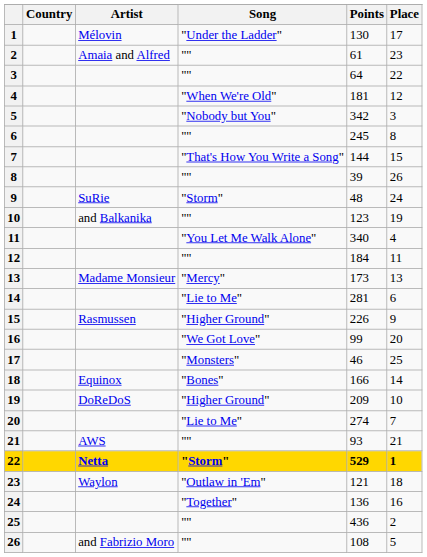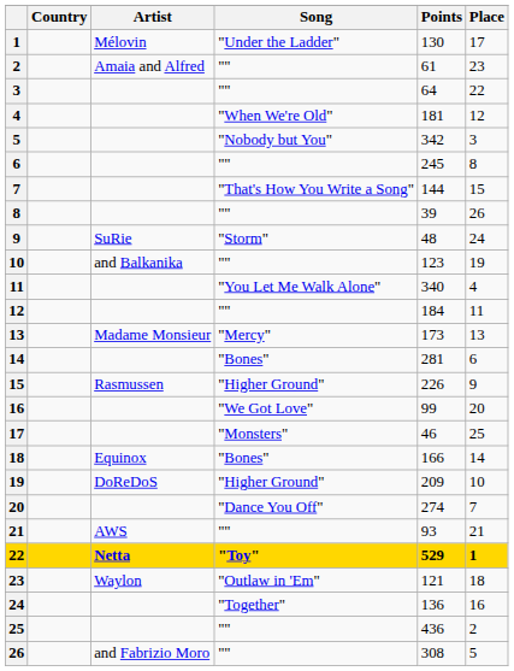 <table class="sortable wikitable plainrowheaders">
 <tr>
 </tr>
 <tr>
 <th scope="col"></th>
 <th scope="col">Country</th>
 <th scope="col">Artist</th>
 <th scope="col">Song</th>
 <th scope="col">Points</th>
 <th scope="col">Place</th>
 </tr>
 <tr>
 <th scope="row" style="text-align:center;">1</th>
 <td></td>
 <td><a href='#'>Mélovin</a></td>
 <td>"<a href='#'>Under the Ladder</a>"</td>
 <td>130</td>
 <td>17</td>
 </tr>
 <tr>
 <th scope="row" style="text-align:center;">2</th>
 <td></td>
 <td><a href='#'>Amaia</a> and <a href='#'>Alfred</a></td>
 <td>""</td>
 <td>61</td>
 <td>23</td>
 </tr>
 <tr>
 <th scope="row" style="text-align:center;">3</th>
 <td></td>
 <td></td>
 <td>""</td>
 <td>64</td>
 <td>22</td>
 </tr>
 <tr>
 <th scope="row" style="text-align:center;">4</th>
 <td></td>
 <td></td>
 <td>"<a href='#'>When We're Old</a>"</td>
 <td>181</td>
 <td>12</td>
 </tr>
 <tr>
 <th scope="row" style="text-align:center;">5</th>
 <td></td>
 <td></td>
 <td>"<a href='#'>Nobody but You</a>"</td>
 <td>342</td>
 <td>3</td>
 </tr>
 <tr>
 <th scope="row" style="text-align:center;">6</th>
 <td></td>
 <td></td>
 <td>""</td>
 <td>245</td>
 <td>8</td>
 </tr>
 <tr>
 <th scope="row" style="text-align:center;">7</th>
 <td></td>
 <td></td>
 <td>"<a href='#'>That's How You Write a Song</a>"</td>
 <td>144</td>
 <td>15</td>
 </tr>
 <tr>
 <th scope="row" style="text-align:center;">8</th>
 <td></td>
 <td></td>
 <td>""</td>
 <td>39</td>
 <td>26</td>
 </tr>
 <tr>
 <th scope="row" style="text-align:center;">9</th>
 <td></td>
 <td><a href='#'>SuRie</a></td>
 <td>"<a href='#'>Storm</a>"</td>
 <td>48</td>
 <td>24</td>
 </tr>
 <tr>
 <th scope="row" style="text-align:center;">10</th>
 <td></td>
 <td> and <a href='#'>Balkanika</a></td>
 <td>""</td>
 <td>123</td>
 <td>19</td>
 </tr>
 <tr>
 <th scope="row" style="text-align:center;">11</th>
 <td></td>
 <td></td>
 <td>"<a href='#'>You Let Me Walk Alone</a>"</td>
 <td>340</td>
 <td>4</td>
 </tr>
 <tr>
 <th scope="row" style="text-align:center;">12</th>
 <td></td>
 <td></td>
 <td>""</td>
 <td>184</td>
 <td>11</td>
 </tr>
 <tr>
 <th scope="row" style="text-align:center;">13</th>
 <td></td>
 <td><a href='#'>Madame Monsieur</a></td>
 <td>"<a href='#'>Mercy</a>"</td>
 <td>173</td>
 <td>13</td>
 </tr>
 <tr>
 <th scope="row" style="text-align:center;">14</th>
 <td></td>
 <td></td>
-<td>"<a href='#'>Lie to Me</a>"</td>
+<td>"<a href='#'>Bones</a>"</td>
 <td>281</td>
 <td>6</td>
 </tr>
 <tr>
 <th scope="row" style="text-align:center;">15</th>
 <td></td>
 <td><a href='#'>Rasmussen</a></td>
 <td>"<a href='#'>Higher Ground</a>"</td>
 <td>226</td>
 <td>9</td>
 </tr>
 <tr>
 <th scope="row" style="text-align:center;">16</th>
 <td></td>
 <td></td>
 <td>"<a href='#'>We Got Love</a>"</td>
 <td>99</td>
 <td>20</td>
 </tr>
 <tr>
 <th scope="row" style="text-align:center;">17</th>
 <td></td>
 <td></td>
 <td>"<a href='#'>Monsters</a>"</td>
 <td>46</td>
 <td>25</td>
 </tr>
 <tr>
 <th scope="row" style="text-align:center;">18</th>
 <td></td>
 <td><a href='#'>Equinox</a></td>
 <td>"<a href='#'>Bones</a>"</td>
 <td>166</td>
 <td>14</td>
 </tr>
 <tr>
 <th scope="row" style="text-align:center;">19</th>
 <td></td>
 <td><a href='#'>DoReDoS</a></td>
 <td>"<a href='#'>Higher Ground</a>"</td>
 <td>209</td>
 <td>10</td>
 </tr>
 <tr>
 <th scope="row" style="text-align:center;">20</th>
 <td></td>
 <td></td>
-<td>"<a href='#'>Lie to Me</a>"</td>
+<td>"<a href='#'>Dance You Off</a>"</td>
 <td>274</td>
 <td>7</td>
 </tr>
 <tr>
 <th scope="row" style="text-align:center;">21</th>
 <td></td>
 <td><a href='#'>AWS</a></td>
 <td>""</td>
 <td>93</td>
 <td>21</td>
 </tr>
 <tr style="font-weight:bold; background:gold;">
 <th scope="row" style="text-align:center; font-weight:bold; background:gold;">22</th>
 <td></td>
 <td><a href='#'>Netta</a></td>
-<td>"<a href='#'>Storm</a>"</td>
+<td>"<a href='#'>Toy</a>"</td>
 <td>529</td>
 <td>1</td>
 </tr>
 <tr>
 <th scope="row" style="text-align:center;">23</th>
 <td></td>
 <td><a href='#'>Waylon</a></td>
 <td>"<a href='#'>Outlaw in 'Em</a>"</td>
 <td>121</td>
 <td>18</td>
 </tr>
 <tr>
 <th scope="row" style="text-align:center;">24</th>
 <td></td>
 <td></td>
 <td>"<a href='#'>Together</a>"</td>
 <td>136</td>
 <td>16</td>
 </tr>
 <tr>
 <th scope="row" style="text-align:center;">25</th>
 <td></td>
 <td></td>
 <td>""</td>
 <td>436</td>
 <td>2</td>
 </tr>
 <tr>
 <th scope="row" style="text-align:center;">26</th>
 <td></td>
 <td> and <a href='#'>Fabrizio Moro</a></td>
 <td>""</td>
-<td>108</td>
+<td>308</td>
 <td>5</td>
 </tr>
 </table>
